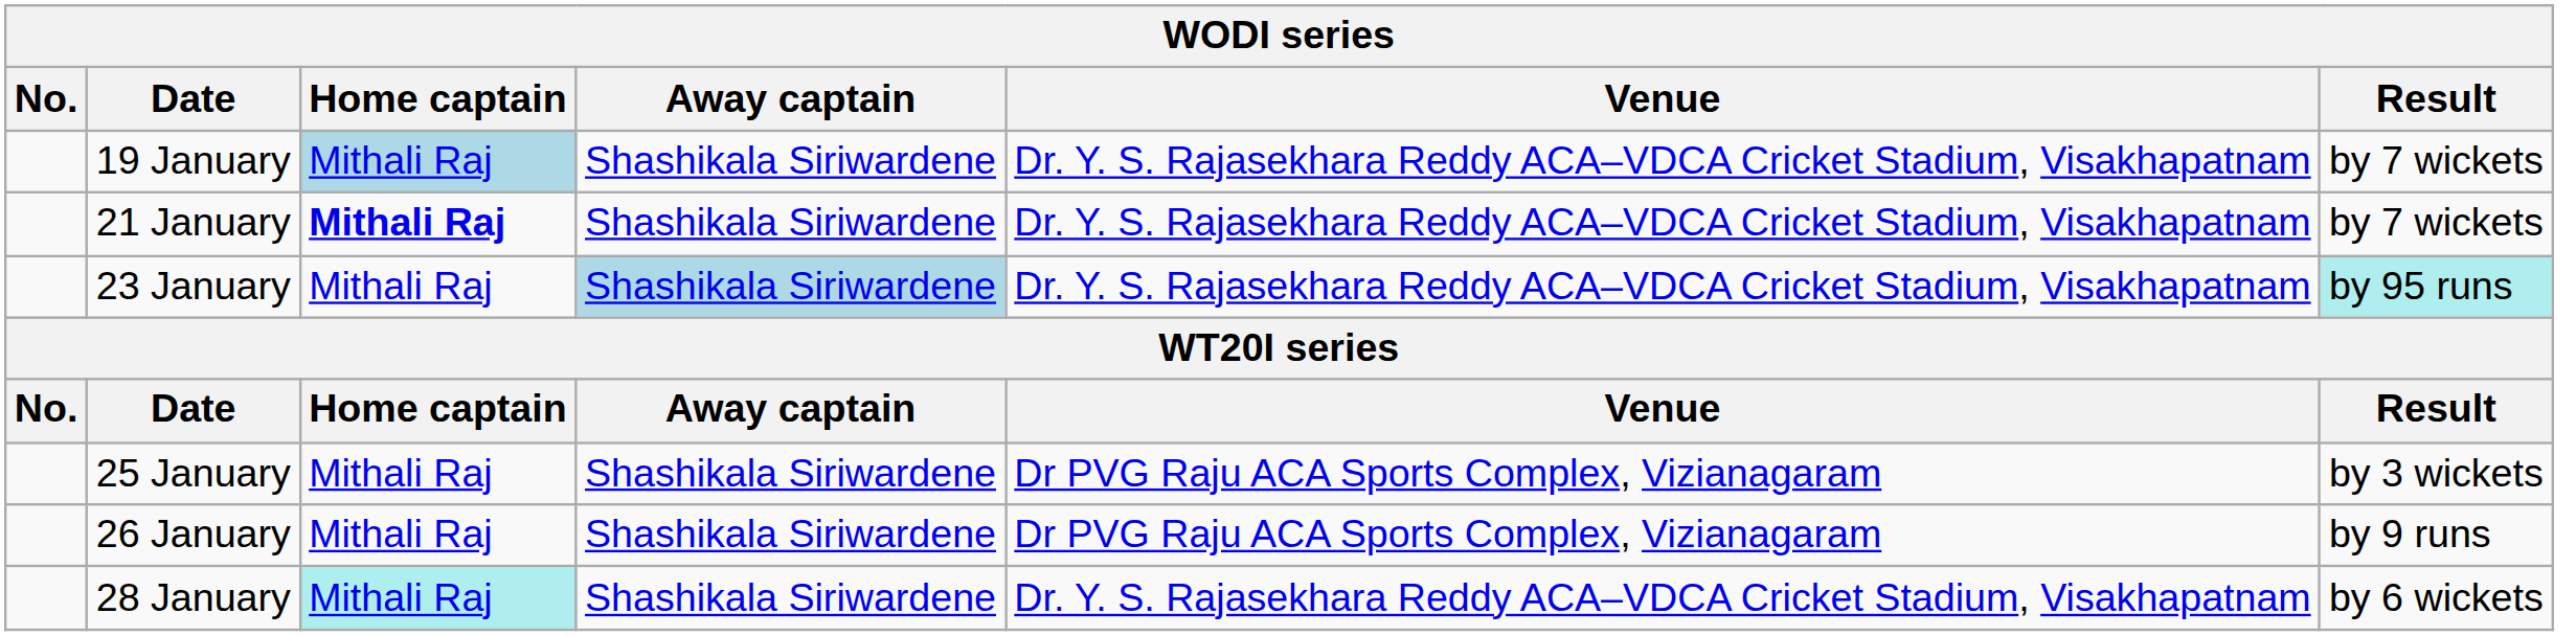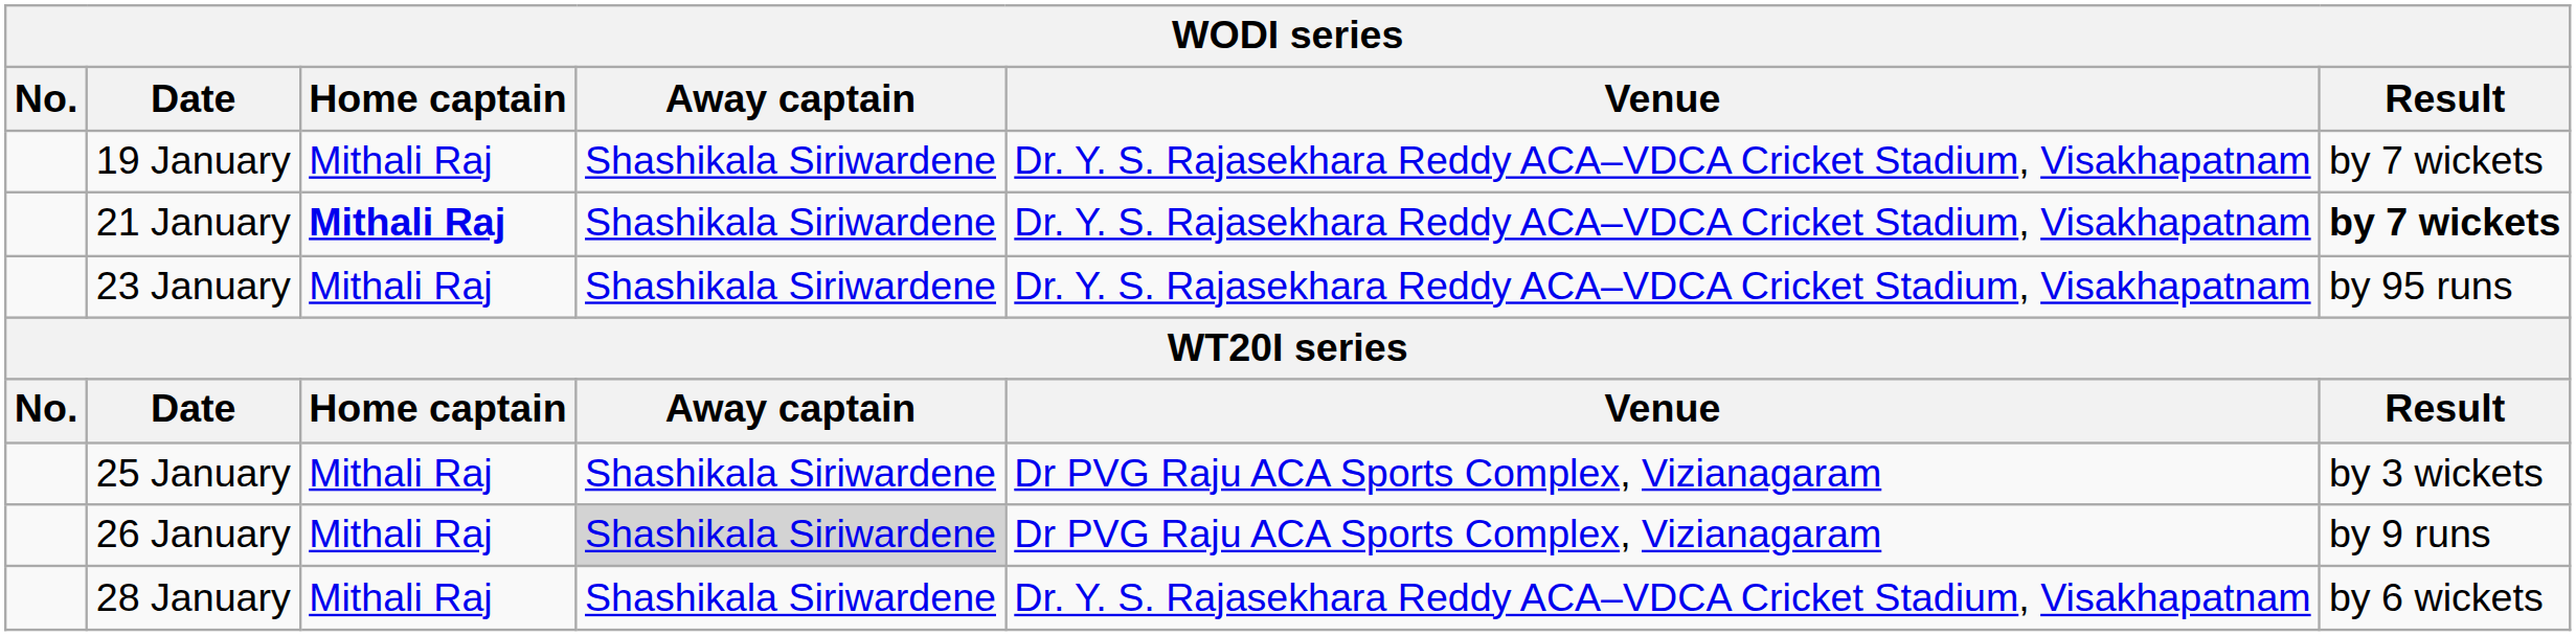 <table class="wikitable">
 <tr>
 <th colspan="9">WODI series</th>
 </tr>
 <tr>
 <th>No.</th>
 <th>Date</th>
 <th>Home captain</th>
 <th>Away captain</th>
 <th>Venue</th>
 <th>Result</th>
 </tr>
 <tr>
 <td></td>
 <td>19 January</td>
-<td style="background: lightblue;"><a href='#'>Mithali Raj</a></td>
+<td><a href='#'>Mithali Raj</a></td>
 <td><a href='#'>Shashikala Siriwardene</a></td>
 <td><a href='#'>Dr. Y. S. Rajasekhara Reddy ACA–VDCA Cricket Stadium</a>, <a href='#'>Visakhapatnam</a></td>
 <td> by 7 wickets</td>
 </tr>
 <tr>
 <td></td>
 <td>21 January</td>
 <td><strong><a href='#'>Mithali Raj</a></strong></td>
 <td><a href='#'>Shashikala Siriwardene</a></td>
 <td><a href='#'>Dr. Y. S. Rajasekhara Reddy ACA–VDCA Cricket Stadium</a>, <a href='#'>Visakhapatnam</a></td>
-<td> by 7 wickets</td>
+<td><strong> by 7 wickets</strong></td>
 </tr>
 <tr>
 <td></td>
 <td>23 January</td>
 <td><a href='#'>Mithali Raj</a></td>
-<td style="background: lightblue;"><a href='#'>Shashikala Siriwardene</a></td>
+<td><a href='#'>Shashikala Siriwardene</a></td>
 <td><a href='#'>Dr. Y. S. Rajasekhara Reddy ACA–VDCA Cricket Stadium</a>, <a href='#'>Visakhapatnam</a></td>
-<td style="background: paleturquoise;"> by 95 runs</td>
+<td> by 95 runs</td>
 </tr>
 <tr>
 <th colspan="9">WT20I series</th>
 </tr>
 <tr>
 <th>No.</th>
 <th>Date</th>
 <th>Home captain</th>
 <th>Away captain</th>
 <th>Venue</th>
 <th>Result</th>
 </tr>
 <tr>
 <td></td>
 <td>25 January</td>
 <td><a href='#'>Mithali Raj</a></td>
 <td><a href='#'>Shashikala Siriwardene</a></td>
 <td><a href='#'>Dr PVG Raju ACA Sports Complex</a>, <a href='#'>Vizianagaram</a></td>
 <td> by 3 wickets</td>
 </tr>
 <tr>
 <td></td>
 <td>26 January</td>
 <td><a href='#'>Mithali Raj</a></td>
-<td><a href='#'>Shashikala Siriwardene</a></td>
+<td style="background: lightgrey;"><a href='#'>Shashikala Siriwardene</a></td>
 <td><a href='#'>Dr PVG Raju ACA Sports Complex</a>, <a href='#'>Vizianagaram</a></td>
 <td> by 9 runs</td>
 </tr>
 <tr>
 <td></td>
 <td>28 January</td>
-<td style="background: paleturquoise;"><a href='#'>Mithali Raj</a></td>
+<td><a href='#'>Mithali Raj</a></td>
 <td><a href='#'>Shashikala Siriwardene</a></td>
 <td><a href='#'>Dr. Y. S. Rajasekhara Reddy ACA–VDCA Cricket Stadium</a>, <a href='#'>Visakhapatnam</a></td>
 <td> by 6 wickets</td>
 </tr>
 </table>
